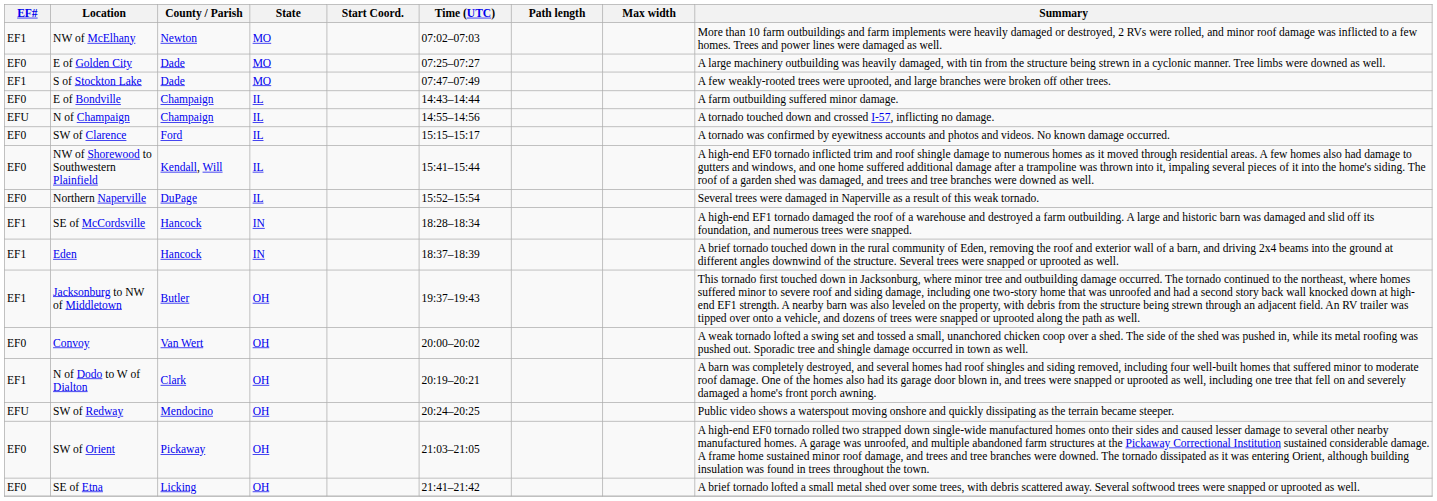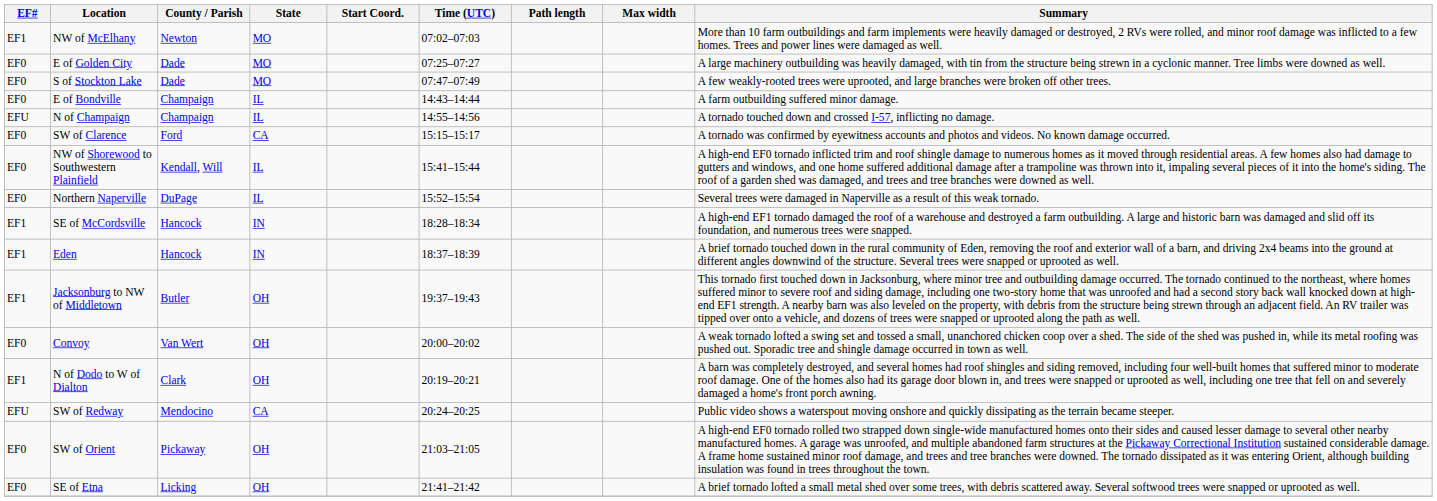 <table class="wikitable sortable" style="width:100%;">
 <tr>
 <th scope="col"  style="width:3%; text-align:center;"><a href='#'>EF#</a></th>
 <th scope="col"  style="width:7%; text-align:center;" class="unsortable">Location</th>
 <th scope="col"  style="width:6%; text-align:center;" class="unsortable">County / Parish</th>
 <th scope="col"  style="width:5%; text-align:center;">State</th>
 <th scope="col"  style="width:6%; text-align:center;">Start Coord.</th>
 <th scope="col"  style="width:6%; text-align:center;">Time (<a href='#'>UTC</a>)</th>
 <th scope="col"  style="width:6%; text-align:center;">Path length</th>
 <th scope="col"  style="width:6%; text-align:center;">Max width</th>
 <th scope="col" class="unsortable" style="width:48%; text-align:center;">Summary</th>
 </tr>
 <tr>
 <td>EF1</td>
 <td>NW of <a href='#'>McElhany</a></td>
 <td><a href='#'>Newton</a></td>
 <td><a href='#'>MO</a></td>
 <td></td>
 <td>07:02–07:03</td>
 <td></td>
 <td></td>
 <td>More than 10 farm outbuildings and farm implements were heavily damaged or destroyed, 2 RVs were rolled, and minor roof damage was inflicted to a few homes. Trees and power lines were damaged as well.</td>
 </tr>
 <tr>
 <td>EF0</td>
 <td>E of <a href='#'>Golden City</a></td>
 <td><a href='#'>Dade</a></td>
 <td><a href='#'>MO</a></td>
 <td></td>
 <td>07:25–07:27</td>
 <td> </td>
 <td></td>
 <td>A large machinery outbuilding was heavily damaged, with tin from the structure being strewn in a cyclonic manner. Tree limbs were downed as well.</td>
 </tr>
 <tr>
-<td>EF1</td>
+<td>EF0</td>
 <td>S of <a href='#'>Stockton Lake</a></td>
 <td><a href='#'>Dade</a></td>
 <td><a href='#'>MO</a></td>
 <td></td>
 <td>07:47–07:49</td>
 <td></td>
 <td></td>
 <td>A few weakly-rooted trees were uprooted, and large branches were broken off other trees.</td>
 </tr>
 <tr>
 <td>EF0</td>
 <td>E of <a href='#'>Bondville</a></td>
 <td><a href='#'>Champaign</a></td>
 <td><a href='#'>IL</a></td>
 <td></td>
 <td>14:43–14:44</td>
 <td></td>
 <td></td>
 <td>A farm outbuilding suffered minor damage.</td>
 </tr>
 <tr>
 <td>EFU</td>
 <td>N of <a href='#'>Champaign</a></td>
 <td><a href='#'>Champaign</a></td>
 <td><a href='#'>IL</a></td>
 <td></td>
 <td>14:55–14:56</td>
 <td></td>
 <td></td>
 <td>A tornado touched down and crossed <a href='#'>I-57</a>, inflicting no damage.</td>
 </tr>
 <tr>
 <td>EF0</td>
 <td>SW of <a href='#'>Clarence</a></td>
 <td><a href='#'>Ford</a></td>
-<td><a href='#'>IL</a></td>
+<td><a href='#'>CA</a></td>
 <td></td>
 <td>15:15–15:17</td>
 <td></td>
 <td></td>
 <td>A tornado was confirmed by eyewitness accounts and photos and videos. No known damage occurred.</td>
 </tr>
 <tr>
 <td>EF0</td>
 <td>NW of <a href='#'>Shorewood</a> to Southwestern <a href='#'>Plainfield</a></td>
 <td><a href='#'>Kendall</a>, <a href='#'>Will</a></td>
 <td><a href='#'>IL</a></td>
 <td></td>
 <td>15:41–15:44</td>
 <td></td>
 <td></td>
 <td>A high-end EF0 tornado inflicted trim and roof shingle damage to numerous homes as it moved through residential areas. A few homes also had damage to gutters and windows, and one home suffered additional damage after a trampoline was thrown into it, impaling several pieces of it into the home's siding. The roof of a garden shed was damaged, and trees and tree branches were downed as well.</td>
 </tr>
 <tr>
 <td>EF0</td>
 <td>Northern <a href='#'>Naperville</a></td>
 <td><a href='#'>DuPage</a></td>
 <td><a href='#'>IL</a></td>
 <td></td>
 <td>15:52–15:54</td>
 <td></td>
 <td></td>
 <td>Several trees were damaged in Naperville as a result of this weak tornado.</td>
 </tr>
 <tr>
 <td>EF1</td>
 <td>SE of <a href='#'>McCordsville</a></td>
 <td><a href='#'>Hancock</a></td>
 <td><a href='#'>IN</a></td>
 <td></td>
 <td>18:28–18:34</td>
 <td></td>
 <td></td>
 <td>A high-end EF1 tornado damaged the roof of a warehouse and destroyed a farm outbuilding. A large and historic barn was damaged and slid off its foundation, and numerous trees were snapped.</td>
 </tr>
 <tr>
 <td>EF1</td>
 <td><a href='#'>Eden</a></td>
 <td><a href='#'>Hancock</a></td>
 <td><a href='#'>IN</a></td>
 <td></td>
 <td>18:37–18:39</td>
 <td></td>
 <td></td>
 <td>A brief tornado touched down in the rural community of Eden, removing the roof and exterior wall of a barn, and driving 2x4 beams into the ground at different angles downwind of the structure. Several trees were snapped or uprooted as well.</td>
 </tr>
 <tr>
 <td>EF1</td>
 <td><a href='#'>Jacksonburg</a> to NW of <a href='#'>Middletown</a></td>
 <td><a href='#'>Butler</a></td>
 <td><a href='#'>OH</a></td>
 <td></td>
 <td>19:37–19:43</td>
 <td></td>
 <td></td>
 <td>This tornado first touched down in Jacksonburg, where minor tree and outbuilding damage occurred. The tornado continued to the northeast, where homes suffered minor to severe roof and siding damage, including one two-story home that was unroofed and had a second story back wall knocked down at high-end EF1 strength. A nearby barn was also leveled on the property, with debris from the structure being strewn through an adjacent field. An RV trailer was tipped over onto a vehicle, and dozens of trees were snapped or uprooted along the path as well.</td>
 </tr>
 <tr>
 <td>EF0</td>
 <td><a href='#'>Convoy</a></td>
 <td><a href='#'>Van Wert</a></td>
 <td><a href='#'>OH</a></td>
 <td></td>
 <td>20:00–20:02</td>
 <td></td>
 <td></td>
 <td>A weak tornado lofted a swing set and tossed a small, unanchored chicken coop over a shed. The side of the shed was pushed in, while its metal roofing was pushed out. Sporadic tree and shingle damage occurred in town as well.</td>
 </tr>
 <tr>
 <td>EF1</td>
 <td>N of <a href='#'>Dodo</a> to W of <a href='#'>Dialton</a></td>
 <td><a href='#'>Clark</a></td>
 <td><a href='#'>OH</a></td>
 <td></td>
 <td>20:19–20:21</td>
 <td></td>
 <td></td>
 <td>A barn was completely destroyed, and several homes had roof shingles and siding removed, including four well-built homes that suffered minor to moderate roof damage. One of the homes also had its garage door blown in, and trees were snapped or uprooted as well, including one tree that fell on and severely damaged a home's front porch awning.</td>
 </tr>
 <tr>
 <td>EFU</td>
 <td>SW of <a href='#'>Redway</a></td>
 <td><a href='#'>Mendocino</a></td>
-<td><a href='#'>OH</a></td>
+<td><a href='#'>CA</a></td>
 <td></td>
 <td>20:24–20:25</td>
 <td></td>
 <td></td>
 <td>Public video shows a waterspout moving onshore and quickly dissipating as the terrain became steeper.</td>
 </tr>
 <tr>
 <td>EF0</td>
 <td>SW of <a href='#'>Orient</a></td>
 <td><a href='#'>Pickaway</a></td>
 <td><a href='#'>OH</a></td>
 <td></td>
 <td>21:03–21:05</td>
 <td></td>
 <td></td>
 <td>A high-end EF0 tornado rolled two strapped down single-wide manufactured homes onto their sides and caused lesser damage to several other nearby manufactured homes. A garage was unroofed, and multiple abandoned farm structures at the <a href='#'>Pickaway Correctional Institution</a> sustained considerable damage. A frame home sustained minor roof damage, and trees and tree branches were downed. The tornado dissipated as it was entering Orient, although building insulation was found in trees throughout the town.</td>
 </tr>
 <tr>
 <td>EF0</td>
 <td>SE of <a href='#'>Etna</a></td>
 <td><a href='#'>Licking</a></td>
 <td><a href='#'>OH</a></td>
 <td></td>
 <td>21:41–21:42</td>
 <td></td>
 <td></td>
 <td>A brief tornado lofted a small metal shed over some trees, with debris scattered  away. Several softwood trees were snapped or uprooted as well.</td>
 </tr>
 <tr>
 </tr>
 </table>
